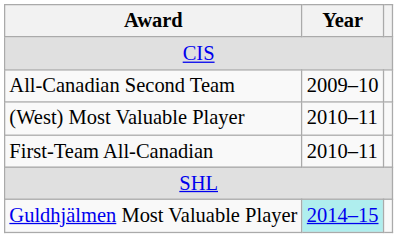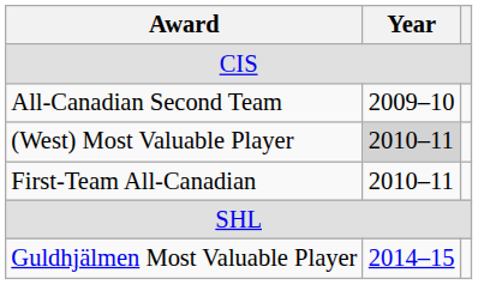 <table class="wikitable">
 <tr>
 <th>Award</th>
 <th>Year</th>
 <th></th>
 </tr>
 <tr ALIGN="center" bgcolor="#e0e0e0">
 <td colspan="3"><a href='#'>CIS</a></td>
 </tr>
 <tr>
 <td>All-Canadian Second Team</td>
 <td>2009–10</td>
 <td></td>
 </tr>
 <tr>
 <td>(West) Most Valuable Player</td>
-<td>2010–11</td>
+<td style="background: lightgrey;">2010–11</td>
 <td></td>
 </tr>
 <tr>
 <td>First-Team All-Canadian</td>
 <td>2010–11</td>
 <td></td>
 </tr>
 <tr ALIGN="center" bgcolor="#e0e0e0">
 <td colspan="3"><a href='#'>SHL</a></td>
 </tr>
 <tr>
 <td><a href='#'>Guldhjälmen</a> Most Valuable Player</td>
-<td style="background: paleturquoise;"><a href='#'>2014–15</a></td>
+<td><a href='#'>2014–15</a></td>
 <td></td>
 </tr>
 </table>
